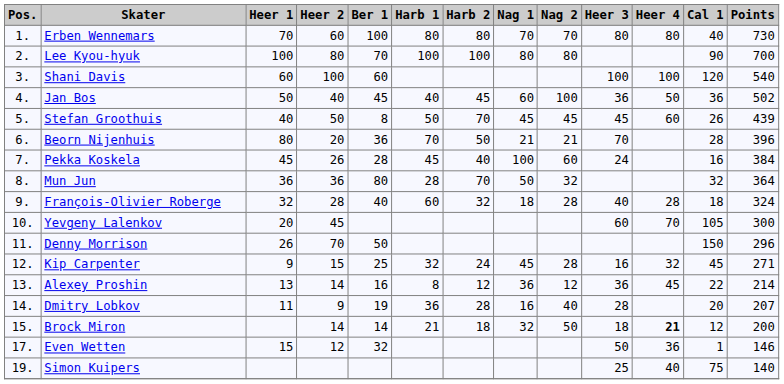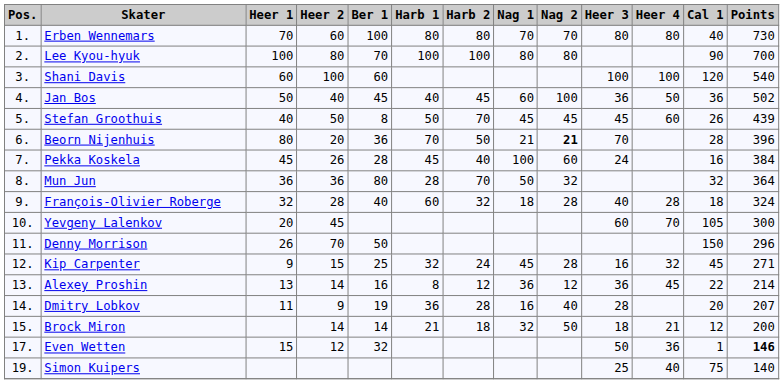 <table bgcolor="#f7f8ff" cellpadding="3" cellspacing="0" border="1" style="font-size: 95%; border: gray solid 1px; border-collapse: collapse;">
 <tr bgcolor="#CCCCCC">
 <td align="center" width="10"><strong>Pos.</strong></td>
 <td align="center" width="200"><strong>Skater</strong></td>
 <td align="center" width="20"><strong>Heer 1</strong></td>
 <td align="center" width="20"><strong>Heer 2</strong></td>
 <td align="center" width="20"><strong>Ber 1</strong></td>
 <td align="center" width="20"><strong>Harb 1</strong></td>
 <td align="center" width="20"><strong>Harb 2</strong></td>
 <td align="center" width="20"><strong>Nag 1</strong></td>
 <td align="center" width="20"><strong>Nag 2</strong></td>
 <td align="center" width="20"><strong>Heer 3</strong></td>
 <td align="center" width="20"><strong>Heer 4</strong></td>
 <td align="center" width="20"><strong>Cal 1</strong></td>
 <td align="center" width="20"><strong>Points</strong></td>
 </tr>
 <tr align="left">
 <td align="center">1.</td>
 <td> <a href='#'>Erben Wennemars</a></td>
 <td align="right">70</td>
 <td align="right">60</td>
 <td align="right">100</td>
 <td align="right">80</td>
 <td align="right">80</td>
 <td align="right">70</td>
 <td align="right">70</td>
 <td align="right">80</td>
 <td align="right">80</td>
 <td align="right">40</td>
 <td align="right">730</td>
 </tr>
 <tr align="left">
 <td align="center">2.</td>
 <td> <a href='#'>Lee Kyou-hyuk</a></td>
 <td align="right">100</td>
 <td align="right">80</td>
 <td align="right">70</td>
 <td align="right">100</td>
 <td align="right">100</td>
 <td align="right">80</td>
 <td align="right">80</td>
 <td align="right"></td>
 <td align="right"></td>
 <td align="right">90</td>
 <td align="right">700</td>
 </tr>
 <tr align="left">
 <td align="center">3.</td>
 <td> <a href='#'>Shani Davis</a></td>
 <td align="right">60</td>
 <td align="right">100</td>
 <td align="right">60</td>
 <td align="right"></td>
 <td align="right"></td>
 <td align="right"></td>
 <td align="right"></td>
 <td align="right">100</td>
 <td align="right">100</td>
 <td align="right">120</td>
 <td align="right">540</td>
 </tr>
 <tr align="left">
 <td align="center">4.</td>
 <td> <a href='#'>Jan Bos</a></td>
 <td align="right">50</td>
 <td align="right">40</td>
 <td align="right">45</td>
 <td align="right">40</td>
 <td align="right">45</td>
 <td align="right">60</td>
 <td align="right">100</td>
 <td align="right">36</td>
 <td align="right">50</td>
 <td align="right">36</td>
 <td align="right">502</td>
 </tr>
 <tr align="left">
 <td align="center">5.</td>
 <td> <a href='#'>Stefan Groothuis</a></td>
 <td align="right">40</td>
 <td align="right">50</td>
 <td align="right">8</td>
 <td align="right">50</td>
 <td align="right">70</td>
 <td align="right">45</td>
 <td align="right">45</td>
 <td align="right">45</td>
 <td align="right">60</td>
 <td align="right">26</td>
 <td align="right">439</td>
 </tr>
 <tr align="left">
 <td align="center">6.</td>
 <td> <a href='#'>Beorn Nijenhuis</a></td>
 <td align="right">80</td>
 <td align="right">20</td>
 <td align="right">36</td>
 <td align="right">70</td>
 <td align="right">50</td>
 <td align="right">21</td>
-<td align="right">21</td>
+<td align="right"><strong>21</strong></td>
 <td align="right">70</td>
 <td align="right"></td>
 <td align="right">28</td>
 <td align="right">396</td>
 </tr>
 <tr align="left">
 <td align="center">7.</td>
 <td> <a href='#'>Pekka Koskela</a></td>
 <td align="right">45</td>
 <td align="right">26</td>
 <td align="right">28</td>
 <td align="right">45</td>
 <td align="right">40</td>
 <td align="right">100</td>
 <td align="right">60</td>
 <td align="right">24</td>
 <td align="right"></td>
 <td align="right">16</td>
 <td align="right">384</td>
 </tr>
 <tr align="left">
 <td align="center">8.</td>
 <td> <a href='#'>Mun Jun</a></td>
 <td align="right">36</td>
 <td align="right">36</td>
 <td align="right">80</td>
 <td align="right">28</td>
 <td align="right">70</td>
 <td align="right">50</td>
 <td align="right">32</td>
 <td align="right"></td>
 <td align="right"></td>
 <td align="right">32</td>
 <td align="right">364</td>
 </tr>
 <tr align="left">
 <td align="center">9.</td>
 <td> <a href='#'>François-Olivier Roberge</a></td>
 <td align="right">32</td>
 <td align="right">28</td>
 <td align="right">40</td>
 <td align="right">60</td>
 <td align="right">32</td>
 <td align="right">18</td>
 <td align="right">28</td>
 <td align="right">40</td>
 <td align="right">28</td>
 <td align="right">18</td>
 <td align="right">324</td>
 </tr>
 <tr align="left">
 <td align="center">10.</td>
 <td> <a href='#'>Yevgeny Lalenkov</a></td>
 <td align="right">20</td>
 <td align="right">45</td>
 <td align="right"></td>
 <td align="right"></td>
 <td align="right"></td>
 <td align="right"></td>
 <td align="right"></td>
 <td align="right">60</td>
 <td align="right">70</td>
 <td align="right">105</td>
 <td align="right">300</td>
 </tr>
 <tr align="left">
 <td align="center">11.</td>
 <td> <a href='#'>Denny Morrison</a></td>
 <td align="right">26</td>
 <td align="right">70</td>
 <td align="right">50</td>
 <td align="right"></td>
 <td align="right"></td>
 <td align="right"></td>
 <td align="right"></td>
 <td align="right"></td>
 <td align="right"></td>
 <td align="right">150</td>
 <td align="right">296</td>
 </tr>
 <tr align="left">
 <td align="center">12.</td>
 <td> <a href='#'>Kip Carpenter</a></td>
 <td align="right">9</td>
 <td align="right">15</td>
 <td align="right">25</td>
 <td align="right">32</td>
 <td align="right">24</td>
 <td align="right">45</td>
 <td align="right">28</td>
 <td align="right">16</td>
 <td align="right">32</td>
 <td align="right">45</td>
 <td align="right">271</td>
 </tr>
 <tr align="left">
 <td align="center">13.</td>
 <td> <a href='#'>Alexey Proshin</a></td>
 <td align="right">13</td>
 <td align="right">14</td>
 <td align="right">16</td>
 <td align="right">8</td>
 <td align="right">12</td>
 <td align="right">36</td>
 <td align="right">12</td>
 <td align="right">36</td>
 <td align="right">45</td>
 <td align="right">22</td>
 <td align="right">214</td>
 </tr>
 <tr align="left">
 <td align="center">14.</td>
 <td> <a href='#'>Dmitry Lobkov</a></td>
 <td align="right">11</td>
 <td align="right">9</td>
 <td align="right">19</td>
 <td align="right">36</td>
 <td align="right">28</td>
 <td align="right">16</td>
 <td align="right">40</td>
 <td align="right">28</td>
 <td align="right"></td>
 <td align="right">20</td>
 <td align="right">207</td>
 </tr>
 <tr align="left">
 <td align="center">15.</td>
 <td> <a href='#'>Brock Miron</a></td>
 <td align="right"></td>
 <td align="right">14</td>
 <td align="right">14</td>
 <td align="right">21</td>
 <td align="right">18</td>
 <td align="right">32</td>
 <td align="right">50</td>
 <td align="right">18</td>
-<td align="right"><strong>21</strong></td>
+<td align="right">21</td>
 <td align="right">12</td>
 <td align="right">200</td>
 </tr>
 <tr align="left">
 <td align="center">17.</td>
 <td> <a href='#'>Even Wetten</a></td>
 <td align="right">15</td>
 <td align="right">12</td>
 <td align="right">32</td>
 <td align="right"></td>
 <td align="right"></td>
 <td align="right"></td>
 <td align="right"></td>
 <td align="right">50</td>
 <td align="right">36</td>
 <td align="right">1</td>
-<td align="right">146</td>
+<td align="right"><strong>146</strong></td>
 </tr>
 <tr align="left">
 <td align="center">19.</td>
 <td> <a href='#'>Simon Kuipers</a></td>
 <td align="right"></td>
 <td align="right"></td>
 <td align="right"></td>
 <td align="right"></td>
 <td align="right"></td>
 <td align="right"></td>
 <td align="right"></td>
 <td align="right">25</td>
 <td align="right">40</td>
 <td align="right">75</td>
 <td align="right">140</td>
 </tr>
 <tr>
 </tr>
 </table>
